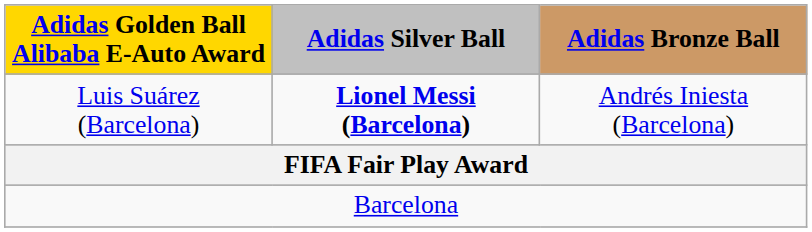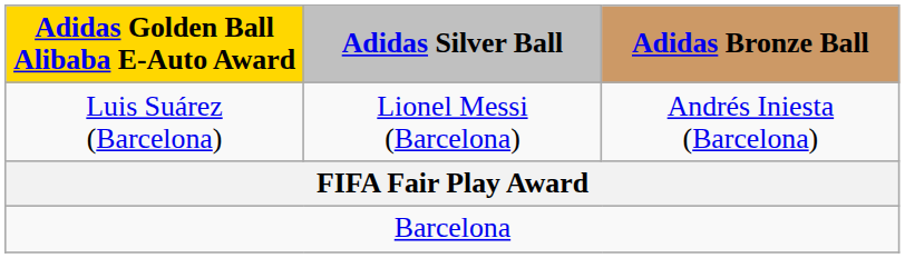 <table class="wikitable" style="text-align:center">
 <tr>
 <th style="background:gold; width:33%"><a href='#'>Adidas</a> Golden Ball<br><a href='#'>Alibaba</a> E-Auto Award</th>
 <th style="background:silver; width:33%"><a href='#'>Adidas</a> Silver Ball</th>
 <th style="background:#CC9966; width:33%"><a href='#'>Adidas</a> Bronze Ball</th>
 </tr>
 <tr>
 <td> <a href='#'>Luis Suárez</a><br>(<a href='#'>Barcelona</a>)</td>
-<td><strong> <a href='#'>Lionel Messi</a><br>(<a href='#'>Barcelona</a>)</strong></td>
+<td> <a href='#'>Lionel Messi</a><br>(<a href='#'>Barcelona</a>)</td>
 <td> <a href='#'>Andrés Iniesta</a><br>(<a href='#'>Barcelona</a>)</td>
 </tr>
 <tr>
 <th colspan="3">FIFA Fair Play Award</th>
 </tr>
 <tr>
 <td colspan="3"> <a href='#'>Barcelona</a></td>
 </tr>
 </table>
